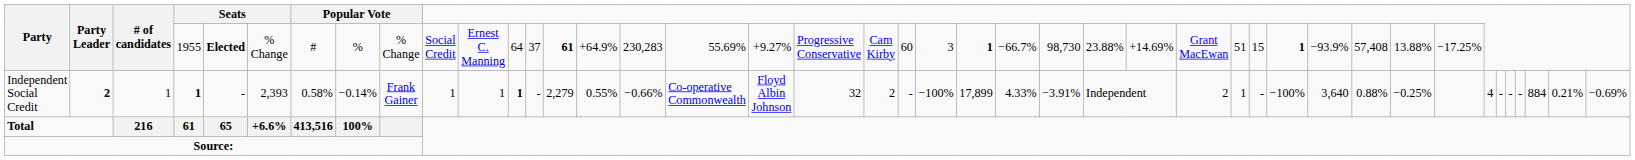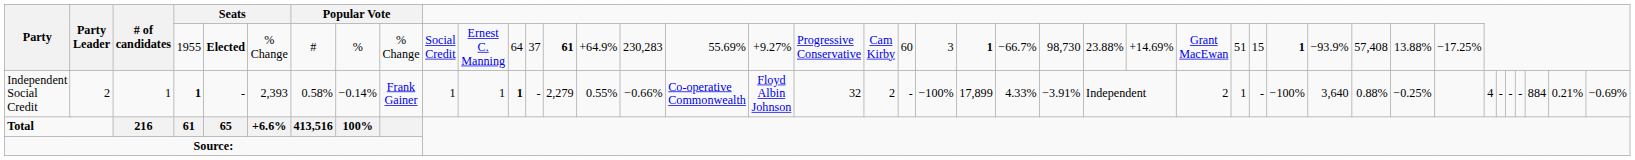 <table class="wikitable">
 <tr>
 <th rowspan=2 colspan=2>Party</th>
 <th rowspan=2>Party Leader</th>
 <th rowspan=2># of<br>candidates</th>
 <th colspan=3>Seats</th>
 <th colspan=3>Popular Vote</th>
 </tr>
 <tr>
 <td align="center">1955</td>
 <td align="center"><strong>Elected</strong></td>
 <td align="center">% Change</td>
 <td align="center">#</td>
 <td align="center">%</td>
 <td align="center">% Change<br></td>
 <td><a href='#'>Social Credit</a></td>
 <td align="center"><a href='#'>Ernest C. Manning</a></td>
 <td align="right">64</td>
 <td align="right">37</td>
 <td align="right"><strong>61</strong></td>
 <td align="right">+64.9%</td>
 <td align="right">230,283</td>
 <td align="right">55.69%</td>
 <td align="right">+9.27%<br></td>
 <td><a href='#'>Progressive Conservative</a></td>
 <td align="center"><a href='#'>Cam Kirby</a></td>
 <td align="right">60</td>
 <td align="right">3</td>
 <td align="right"><strong>1</strong></td>
 <td align="right">−66.7%</td>
 <td align="right">98,730</td>
 <td align="right">23.88%</td>
 <td align="right">+14.69%<br></td>
 <td align="center"><a href='#'>Grant MacEwan</a></td>
 <td align="right">51</td>
 <td align="right">15</td>
 <td align="right"><strong>1</strong></td>
 <td align="right">−93.9%</td>
 <td align="right">57,408</td>
 <td align="right">13.88%</td>
 <td align="right">−17.25%</td>
 </tr>
 <tr>
 <td colspan=2>Independent Social Credit</td>
-<td align="right"><strong>2</strong></td>
+<td align="right">2</td>
 <td align="right">1</td>
 <td align="right"><strong>1</strong></td>
 <td align="right">-</td>
 <td align="right">2,393</td>
 <td align="right">0.58%</td>
 <td align="right">−0.14%<br></td>
 <td align="center"><a href='#'>Frank Gainer</a></td>
 <td align="right">1</td>
 <td align="right">1</td>
 <td align="right"><strong>1</strong></td>
 <td align="right">-</td>
 <td align="right">2,279</td>
 <td align="right">0.55%</td>
 <td align="right">−0.66%<br></td>
 <td><a href='#'>Co-operative Commonwealth</a></td>
 <td align="center"><a href='#'>Floyd Albin Johnson</a></td>
 <td align="right">32</td>
 <td align="right">2</td>
 <td align="right">-</td>
 <td align="right">−100%</td>
 <td align="right">17,899</td>
 <td align="right">4.33%</td>
 <td align="right">−3.91%<br></td>
 <td colspan=2>Independent</td>
 <td align="right">2</td>
 <td align="right">1</td>
 <td align="right">-</td>
 <td align="right">−100%</td>
 <td align="right">3,640</td>
 <td align="right">0.88%</td>
 <td align="right">−0.25%<br></td>
 <td align="center"></td>
 <td align="right">4</td>
 <td align="right">-</td>
 <td align="right">-</td>
 <td align="right">-</td>
 <td align="right">884</td>
 <td align="right">0.21%</td>
 <td align="right">−0.69%</td>
 </tr>
 <tr>
 <td colspan=3><strong>Total</strong></td>
 <th align="right">216</th>
 <th align="right">61</th>
 <th align="right">65</th>
 <th align="right">+6.6%</th>
 <th align="right">413,516</th>
 <th align="right">100%</th>
 <th> </th>
 </tr>
 <tr>
 <td align="center" colspan=10><strong>Source:</strong> </td>
 </tr>
 </table>
